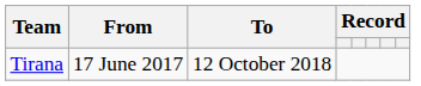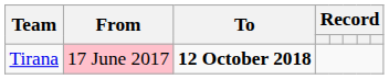 <table class="wikitable" style="text-align: center">
 <tr>
 <th rowspan="2">Team</th>
 <th rowspan="2">From</th>
 <th rowspan="2">To</th>
 <th colspan="5">Record</th>
 </tr>
 <tr>
 <th></th>
 <th></th>
 <th></th>
 <th></th>
 <th></th>
 </tr>
 <tr>
 <td><a href='#'>Tirana</a></td>
-<td>17 June 2017</td>
-<td>12 October 2018<br></td>
+<td style="background: pink;">17 June 2017</td>
+<td><strong>12 October 2018<br></strong></td>
 </tr>
 </table>
